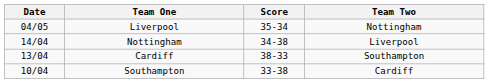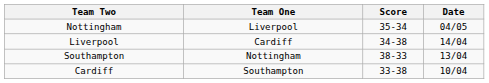 <table class="wikitable" style="text-align: center">
 <tr>
-<th width=80>Date</th>
+<th width=250>Team Two</th>
 <th width=250>Team One</th>
 <th width=80>Score</th>
-<th width=250>Team Two</th>
+<th width=80>Date</th>
 </tr>
 <tr>
-<td>04/05</td>
+<td>Nottingham</td>
 <td>Liverpool</td>
 <td>35-34</td>
-<td>Nottingham</td>
+<td>04/05</td>
 </tr>
 <tr>
+<td>Liverpool</td>
+<td>Cardiff</td>
+<td>34-38</td>
 <td>14/04</td>
-<td>Nottingham</td>
-<td>34-38</td>
-<td>Liverpool</td>
 </tr>
 <tr>
+<td>Southampton</td>
+<td>Nottingham</td>
+<td>38-33</td>
 <td>13/04</td>
-<td>Cardiff</td>
-<td>38-33</td>
-<td>Southampton</td>
 </tr>
 <tr>
-<td>10/04</td>
+<td>Cardiff</td>
 <td>Southampton</td>
 <td>33-38</td>
-<td>Cardiff</td>
+<td>10/04</td>
 </tr>
 </table>
